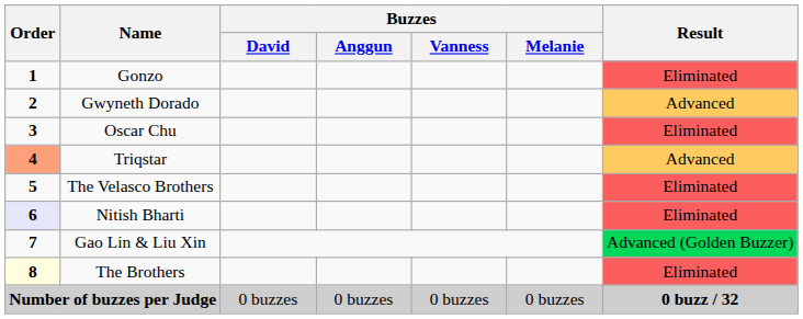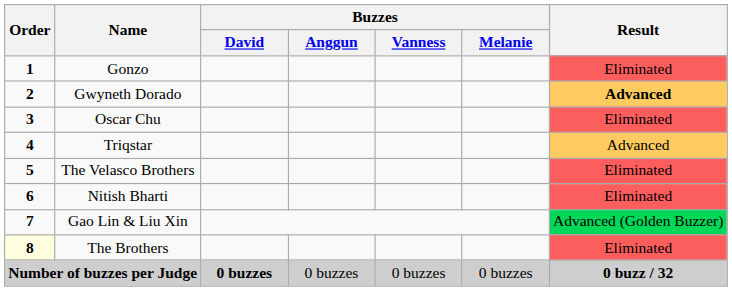 <table class="wikitable" style="font-size:85%; text-align:center">
 <tr>
 <th rowspan="2">Order</th>
 <th rowspan="2">Name</th>
 <th colspan="4">Buzzes</th>
 <th rowspan="2">Result</th>
 </tr>
 <tr>
 <th width="70"><a href='#'>David</a></th>
 <th width="70"><a href='#'>Anggun</a></th>
 <th width="70"><a href='#'>Vanness</a></th>
 <th width="70"><a href='#'>Melanie</a></th>
 </tr>
 <tr>
 <td><strong>1</strong></td>
 <td>Gonzo</td>
 <td></td>
 <td></td>
 <td></td>
 <td></td>
 <td style="background:#FC5D5D">Eliminated</td>
 </tr>
 <tr>
 <td><strong>2</strong></td>
 <td>Gwyneth Dorado</td>
 <td></td>
 <td></td>
 <td></td>
 <td></td>
-<td style="background:#FFCB60">Advanced</td>
+<td style="background:#FFCB60"><strong>Advanced</strong></td>
 </tr>
 <tr>
 <td><strong>3</strong></td>
 <td>Oscar Chu</td>
 <td></td>
 <td></td>
 <td></td>
 <td></td>
 <td style="background:#FC5D5D">Eliminated</td>
 </tr>
 <tr>
-<td style="background: lightsalmon;"><strong>4</strong></td>
+<td><strong>4</strong></td>
 <td>Triqstar</td>
 <td></td>
 <td></td>
 <td></td>
 <td></td>
 <td style="background:#FFCB60">Advanced</td>
 </tr>
 <tr>
 <td><strong>5</strong></td>
 <td>The Velasco Brothers</td>
 <td></td>
 <td></td>
 <td></td>
 <td></td>
 <td style="background:#FC5D5D">Eliminated</td>
 </tr>
 <tr>
-<td style="background: lavender;"><strong>6</strong></td>
+<td><strong>6</strong></td>
 <td>Nitish Bharti</td>
 <td></td>
 <td></td>
 <td></td>
 <td></td>
 <td style="background:#FC5D5D">Eliminated</td>
 </tr>
 <tr>
 <td><strong>7</strong></td>
 <td>Gao Lin & Liu Xin</td>
 <td colspan="4"></td>
 <td style="background:#01D758">Advanced (Golden Buzzer)</td>
 </tr>
 <tr>
 <td style="background: lightyellow;"><strong>8</strong></td>
 <td>The Brothers</td>
 <td></td>
 <td></td>
 <td></td>
 <td></td>
 <td style="background:#FC5D5D">Eliminated</td>
 </tr>
 <tr>
 <td colspan="2" style="background:#CECECE"><strong>Number of buzzes per Judge</strong></td>
-<td style="background:#CECECE">0 buzzes</td>
+<td style="background:#CECECE"><strong>0 buzzes</strong></td>
 <td style="background:#CECECE">0 buzzes</td>
 <td style="background:#CECECE">0 buzzes</td>
 <td style="background:#CECECE">0 buzzes</td>
 <td style="background:#CECECE"><strong>0 buzz / 32</strong></td>
 </tr>
 </table>
